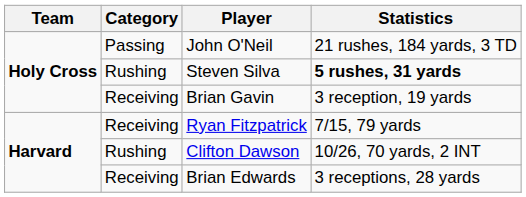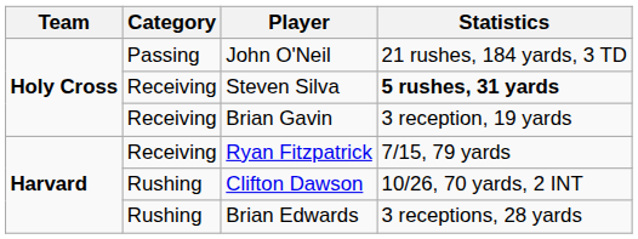 <table class="wikitable" style="float: left;">
 <tr>
 <th>Team</th>
 <th>Category</th>
 <th>Player</th>
 <th>Statistics</th>
 </tr>
 <tr>
 <td rowspan=3><strong>Holy Cross</strong></td>
 <td>Passing</td>
 <td>John O'Neil</td>
 <td>21 rushes, 184 yards, 3 TD</td>
 </tr>
 <tr>
-<td>Rushing</td>
+<td>Receiving</td>
 <td>Steven Silva</td>
 <td><strong>5 rushes, 31 yards</strong></td>
 </tr>
 <tr>
 <td>Receiving</td>
 <td>Brian Gavin</td>
 <td>3 reception, 19 yards</td>
 </tr>
 <tr>
 <td rowspan=3><strong>Harvard</strong></td>
 <td>Receiving</td>
 <td><a href='#'>Ryan Fitzpatrick</a></td>
 <td>7/15, 79 yards</td>
 </tr>
 <tr>
 <td>Rushing</td>
 <td><a href='#'>Clifton Dawson</a></td>
 <td>10/26, 70 yards, 2 INT</td>
 </tr>
 <tr>
-<td>Receiving</td>
+<td>Rushing</td>
 <td>Brian Edwards</td>
 <td>3 receptions, 28 yards</td>
 </tr>
 </table>
